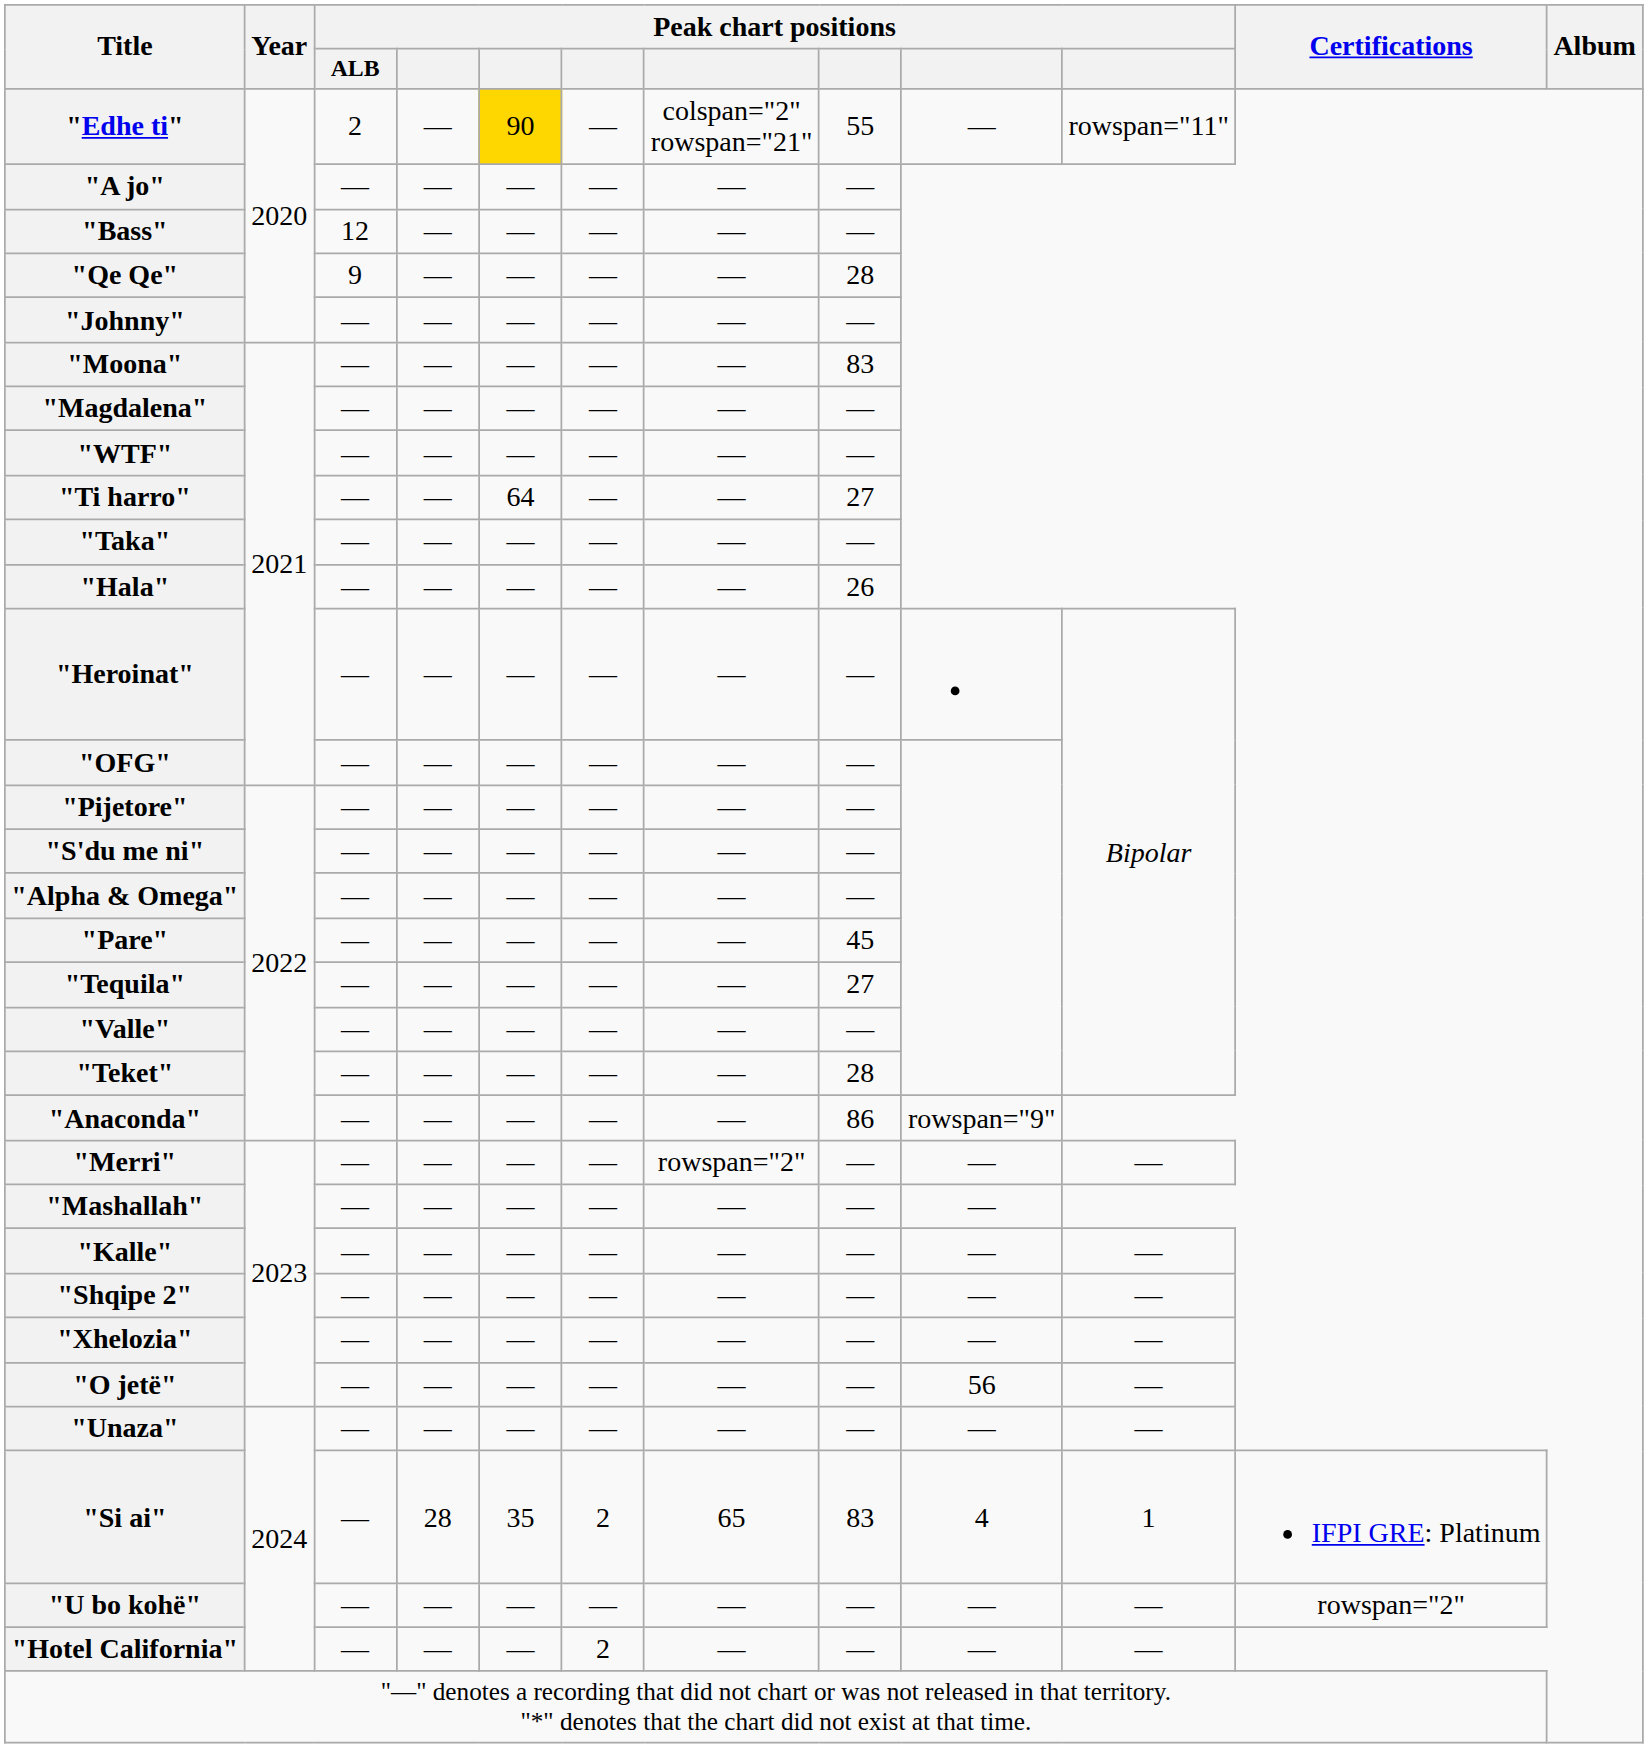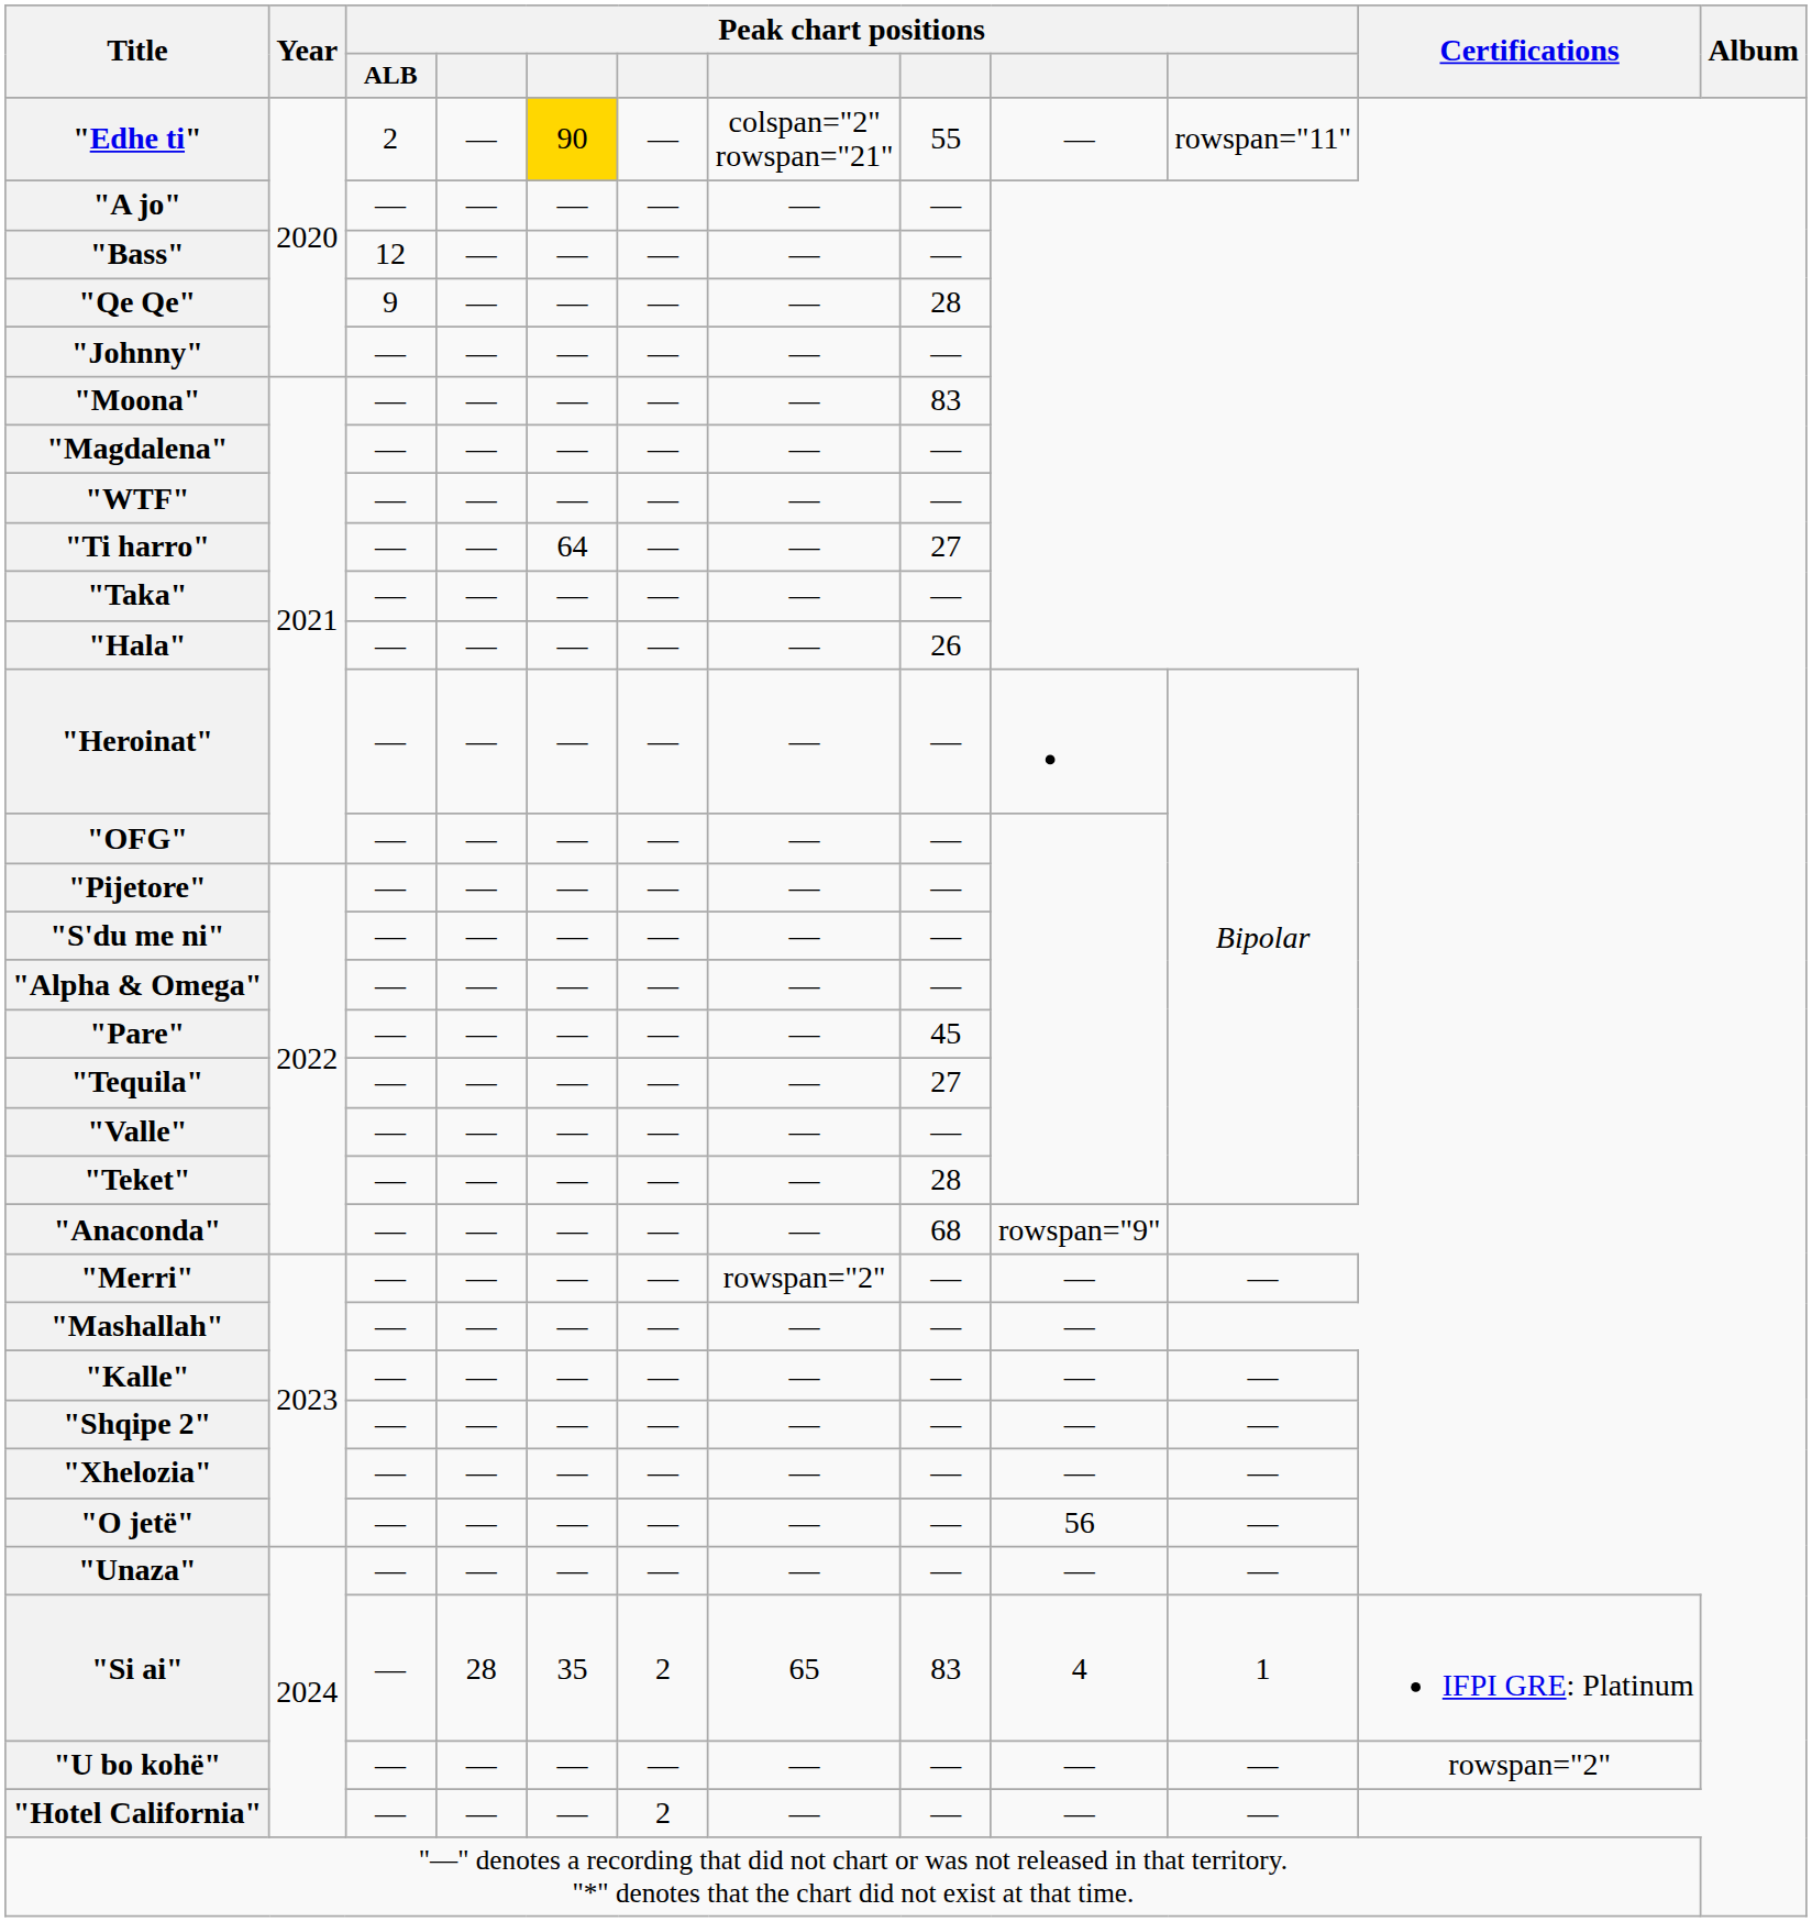 <table class="wikitable plainrowheaders" style="text-align:center;">
 <tr>
 <th scope="col" rowspan="2">Title</th>
 <th scope="col" rowspan="2">Year</th>
 <th scope="col" colspan="8">Peak chart positions</th>
 <th scope="col" rowspan="2"><a href='#'>Certifications</a></th>
 <th scope="col" rowspan="2">Album</th>
 </tr>
 <tr>
 <th style="width:3em; font-size:85%;">ALB<br></th>
 <th style="width:3em; font-size:85%;"><a href='#'></a><br></th>
 <th style="width:3em; font-size:85%;"><a href='#'></a><br></th>
 <th style="width:3em; font-size:85%;"><a href='#'></a><br></th>
 <th style="width:3em; font-size:85%;"><a href='#'></a><br></th>
 <th style="width:3em; font-size:85%;"><a href='#'></a><br></th>
 <th style="width:3em; font-size:85%;"><a href='#'></a><br></th>
 <th style="width:3em; font-size:85%;"><a href='#'></a><br></th>
 </tr>
 <tr>
 <th scope="row">"<a href='#'>Edhe ti</a>"<br></th>
 <td rowspan="5">2020</td>
 <td>2</td>
 <td>—</td>
 <td style="background: gold;">90</td>
 <td>—</td>
 <td>colspan="2" rowspan="21" </td>
 <td>55</td>
 <td>—</td>
 <td>rowspan="11" </td>
 </tr>
 <tr>
 <th scope="row">"A jo"</th>
 <td>—</td>
 <td>—</td>
 <td>—</td>
 <td>—</td>
 <td>—</td>
 <td>—</td>
 </tr>
 <tr>
 <th scope="row">"Bass"</th>
 <td>12</td>
 <td>—</td>
 <td>—</td>
 <td>—</td>
 <td>—</td>
 <td>—</td>
 </tr>
 <tr>
 <th scope="row">"Qe Qe"</th>
 <td>9</td>
 <td>—</td>
 <td>—</td>
 <td>—</td>
 <td>—</td>
 <td>28</td>
 </tr>
 <tr>
 <th scope="row">"Johnny"</th>
 <td>—</td>
 <td>—</td>
 <td>—</td>
 <td>—</td>
 <td>—</td>
 <td>—</td>
 </tr>
 <tr>
 <th scope="row">"Moona"<br></th>
 <td rowspan="8">2021</td>
 <td>—</td>
 <td>—</td>
 <td>—</td>
 <td>—</td>
 <td>—</td>
 <td>83</td>
 </tr>
 <tr>
 <th scope="row">"Magdalena"<br></th>
 <td>—</td>
 <td>—</td>
 <td>—</td>
 <td>—</td>
 <td>—</td>
 <td>—</td>
 </tr>
 <tr>
 <th scope="row">"WTF"<br></th>
 <td>—</td>
 <td>—</td>
 <td>—</td>
 <td>—</td>
 <td>—</td>
 <td>—</td>
 </tr>
 <tr>
 <th scope="row">"Ti harro"<br></th>
 <td>—</td>
 <td>—</td>
 <td>64</td>
 <td>—</td>
 <td>—</td>
 <td>27</td>
 </tr>
 <tr>
 <th scope="row">"Taka"</th>
 <td>—</td>
 <td>—</td>
 <td>—</td>
 <td>—</td>
 <td>—</td>
 <td>—</td>
 </tr>
 <tr>
 <th scope="row">"Hala"<br></th>
 <td>—</td>
 <td>—</td>
 <td>—</td>
 <td>—</td>
 <td>—</td>
 <td>26</td>
 </tr>
 <tr>
 <th scope="row">"Heroinat"</th>
 <td>—</td>
 <td>—</td>
 <td>—</td>
 <td>—</td>
 <td>—</td>
 <td>—</td>
 <td><br><ul><li></li></ul></td>
 <td rowspan="9"><em>Bipolar</em></td>
 </tr>
 <tr>
 <th scope="row">"OFG"</th>
 <td>—</td>
 <td>—</td>
 <td>—</td>
 <td>—</td>
 <td>—</td>
 <td>—</td>
 </tr>
 <tr>
 <th scope="row">"Pijetore"<br></th>
 <td rowspan="8">2022</td>
 <td>—</td>
 <td>—</td>
 <td>—</td>
 <td>—</td>
 <td>—</td>
 <td>—</td>
 </tr>
 <tr>
 <th scope="row">"S'du me ni"<br></th>
 <td>—</td>
 <td>—</td>
 <td>—</td>
 <td>—</td>
 <td>—</td>
 <td>—</td>
 </tr>
 <tr>
 <th scope="row">"Alpha & Omega"<br></th>
 <td>—</td>
 <td>—</td>
 <td>—</td>
 <td>—</td>
 <td>—</td>
 <td>—</td>
 </tr>
 <tr>
 <th scope="row">"Pare"<br></th>
 <td>—</td>
 <td>—</td>
 <td>—</td>
 <td>—</td>
 <td>—</td>
 <td>45</td>
 </tr>
 <tr>
 <th scope="row">"Tequila"<br></th>
 <td>—</td>
 <td>—</td>
 <td>—</td>
 <td>—</td>
 <td>—</td>
 <td>27</td>
 </tr>
 <tr>
 <th scope="row">"Valle"</th>
 <td>—</td>
 <td>—</td>
 <td>—</td>
 <td>—</td>
 <td>—</td>
 <td>—</td>
 </tr>
 <tr>
 <th scope="row">"Teket"</th>
 <td>—</td>
 <td>—</td>
 <td>—</td>
 <td>—</td>
 <td>—</td>
 <td>28</td>
 </tr>
 <tr>
 <th scope="row">"Anaconda"<br></th>
 <td>—</td>
 <td>—</td>
 <td>—</td>
 <td>—</td>
 <td>—</td>
-<td>86</td>
+<td>68</td>
 <td>rowspan="9" </td>
 </tr>
 <tr>
 <th scope="row">"Merri"</th>
 <td rowspan="6">2023</td>
 <td>—</td>
 <td>—</td>
 <td>—</td>
 <td>—</td>
 <td>rowspan="2" </td>
 <td>—</td>
 <td>—</td>
 <td>—</td>
 </tr>
 <tr>
 <th scope="row">"Mashallah"<br></th>
 <td>—</td>
 <td>—</td>
 <td>—</td>
 <td>—</td>
 <td>—</td>
 <td>—</td>
 <td>—</td>
 </tr>
 <tr>
 <th scope="row">"Kalle"</th>
 <td>—</td>
 <td>—</td>
 <td>—</td>
 <td>—</td>
 <td>—</td>
 <td>—</td>
 <td>—</td>
 <td>—</td>
 </tr>
 <tr>
 <th scope="row">"Shqipe 2"</th>
 <td>—</td>
 <td>—</td>
 <td>—</td>
 <td>—</td>
 <td>—</td>
 <td>—</td>
 <td>—</td>
 <td>—</td>
 </tr>
 <tr>
 <th scope="row">"Xhelozia"</th>
 <td>—</td>
 <td>—</td>
 <td>—</td>
 <td>—</td>
 <td>—</td>
 <td>—</td>
 <td>—</td>
 <td>—</td>
 </tr>
 <tr>
 <th scope="row">"O jetë"<br></th>
 <td>—</td>
 <td>—</td>
 <td>—</td>
 <td>—</td>
 <td>—</td>
 <td>—</td>
 <td>56</td>
 <td>—</td>
 </tr>
 <tr>
 <th scope="row">"Unaza"<br></th>
 <td rowspan="4">2024</td>
 <td>—</td>
 <td>—</td>
 <td>—</td>
 <td>—</td>
 <td>—</td>
 <td>—</td>
 <td>—</td>
 <td>—</td>
 </tr>
 <tr>
 <th scope="row">"Si ai"</th>
 <td>—</td>
 <td>28</td>
 <td>35</td>
 <td>2</td>
 <td>65</td>
 <td>83</td>
 <td>4</td>
 <td>1</td>
 <td><br><ul><li><a href='#'>IFPI GRE</a>: Platinum</li></ul></td>
 </tr>
 <tr>
 <th scope="row">"U bo kohë"<br></th>
 <td>—</td>
 <td>—</td>
 <td>—</td>
 <td>—</td>
 <td>—</td>
 <td>—</td>
 <td>—</td>
 <td>—</td>
 <td>rowspan="2" </td>
 </tr>
 <tr>
 <th scope="row">"Hotel California"<br></th>
 <td>—</td>
 <td>—</td>
 <td>—</td>
 <td>2</td>
 <td>—</td>
 <td>—</td>
 <td>—</td>
 <td>—</td>
 </tr>
 <tr>
 <td colspan="11" style="font-size:90%">"—" denotes a recording that did not chart or was not released in that territory.<br>"*" denotes that the chart did not exist at that time.</td>
 </tr>
 </table>
